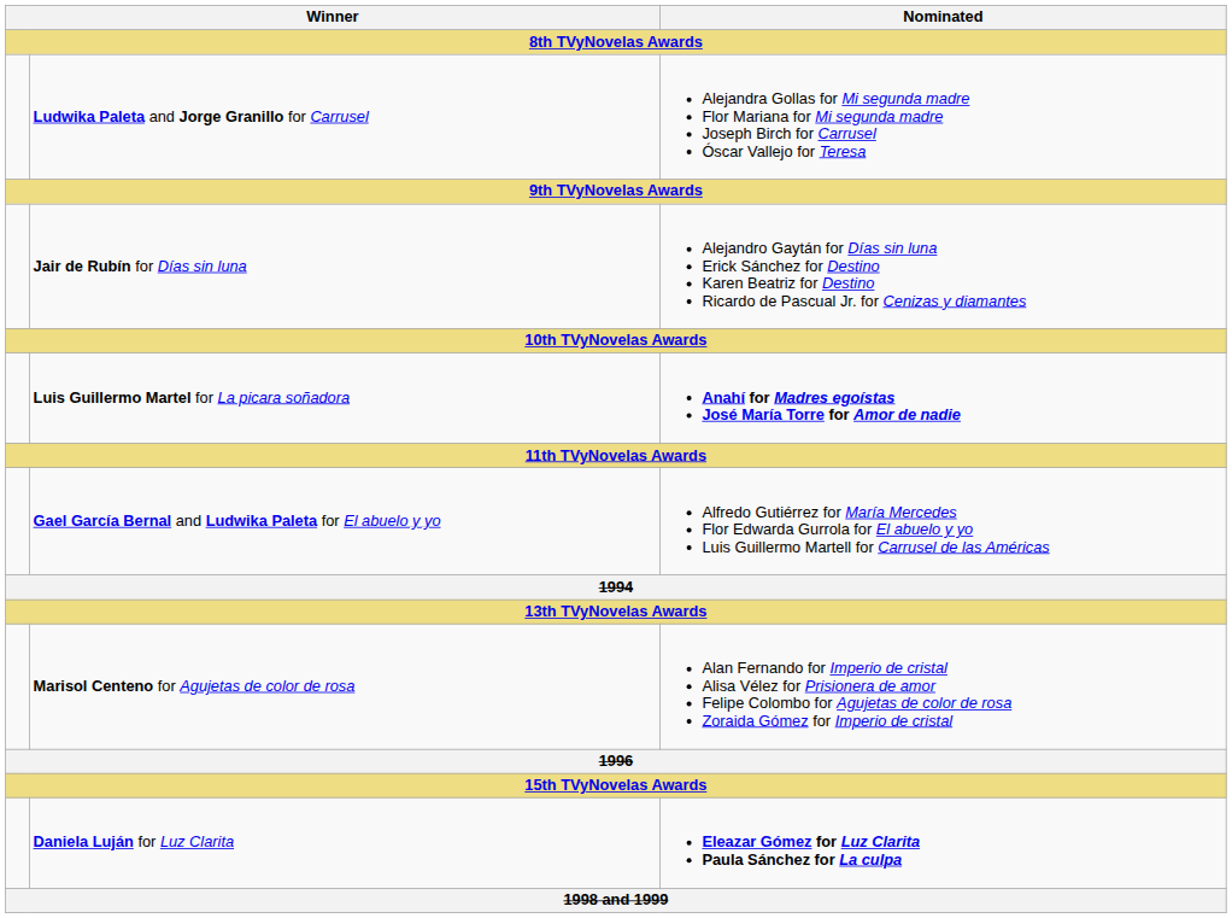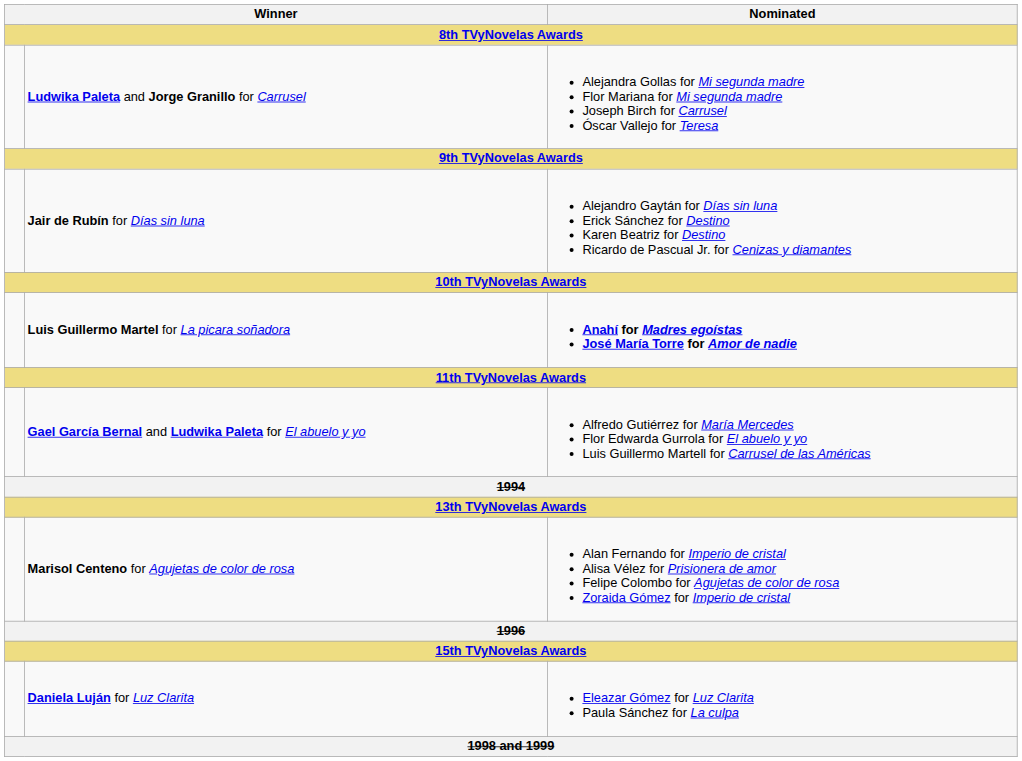 <table class="wikitable" width="80%">
 <tr align="center">
 <th width="150px;" colspan="2;" align="center">Winner</th>
 <th width="580px;" align="center">Nominated</th>
 </tr>
 <tr>
 <th colspan="9" style="background:#EEDD82;" align="center"><strong><a href='#'>8th TVyNovelas Awards</a></strong></th>
 </tr>
 <tr>
 <td width=2%></td>
 <td><strong><a href='#'>Ludwika Paleta</a></strong> and <strong>Jorge Granillo</strong> for <em><a href='#'>Carrusel</a></em></td>
 <td><br><ul><li>Alejandra Gollas for <em><a href='#'>Mi segunda madre</a></em></li><li>Flor Mariana for <em><a href='#'>Mi segunda madre</a></em></li><li>Joseph Birch for <em><a href='#'>Carrusel</a></em></li><li>Óscar Vallejo for <em><a href='#'>Teresa</a></em></li></ul></td>
 </tr>
 <tr>
 <th colspan="9" style="background:#EEDD82;" align="center"><strong><a href='#'>9th TVyNovelas Awards</a></strong></th>
 </tr>
 <tr>
 <td width=2%></td>
 <td><strong>Jair de Rubín</strong> for <em><a href='#'>Días sin luna</a></em></td>
 <td><br><ul><li>Alejandro Gaytán for <em><a href='#'>Días sin luna</a></em></li><li>Erick Sánchez for <em><a href='#'>Destino</a></em></li><li>Karen Beatriz for <em><a href='#'>Destino</a></em></li><li>Ricardo de Pascual Jr. for <em><a href='#'>Cenizas y diamantes</a></em></li></ul></td>
 </tr>
 <tr>
 <th colspan="9" style="background:#EEDD82;" align="center"><strong><a href='#'>10th TVyNovelas Awards</a></strong></th>
 </tr>
 <tr>
 <td width=2%></td>
 <td><strong>Luis Guillermo Martel</strong> for <em><a href='#'>La picara soñadora</a></em></td>
 <td><strong><br><ul><li><a href='#'>Anahí</a> for <em><a href='#'>Madres egoístas</a></em></li><li><a href='#'>José María Torre</a> for <em><a href='#'>Amor de nadie</a></em></li></ul></strong></td>
 </tr>
 <tr>
 <th colspan="9" style="background:#EEDD82;" align="center"><strong><a href='#'>11th TVyNovelas Awards</a></strong></th>
 </tr>
 <tr>
 <td width=2%></td>
 <td><strong><a href='#'>Gael García Bernal</a></strong> and <strong><a href='#'>Ludwika Paleta</a></strong> for <em><a href='#'>El abuelo y yo</a></em></td>
 <td><br><ul><li>Alfredo Gutiérrez for <em><a href='#'>María Mercedes</a></em></li><li>Flor Edwarda Gurrola for <em><a href='#'>El abuelo y yo</a></em></li><li>Luis Guillermo Martell for <em><a href='#'>Carrusel de las Américas</a></em></li></ul></td>
 </tr>
 <tr>
 <th colspan="9" align="center"><s>1994</s></th>
 </tr>
 <tr>
 <th colspan="9" style="background:#EEDD82;" align="center"><strong><a href='#'>13th TVyNovelas Awards</a></strong></th>
 </tr>
 <tr>
 <td width=2%></td>
 <td><strong>Marisol Centeno</strong> for <em><a href='#'>Agujetas de color de rosa</a></em></td>
 <td><br><ul><li>Alan Fernando for <em><a href='#'>Imperio de cristal</a></em></li><li>Alisa Vélez for <em><a href='#'>Prisionera de amor</a></em></li><li>Felipe Colombo for <em><a href='#'>Agujetas de color de rosa</a></em></li><li><a href='#'>Zoraida Gómez</a> for <em><a href='#'>Imperio de cristal</a></em></li></ul></td>
 </tr>
 <tr>
 <th colspan="9" align="center"><s>1996</s></th>
 </tr>
 <tr>
 <th colspan="9" style="background:#EEDD82;" align="center"><strong><a href='#'>15th TVyNovelas Awards</a></strong></th>
 </tr>
 <tr>
 <td width=2%></td>
 <td><strong><a href='#'>Daniela Luján</a></strong> for <em><a href='#'>Luz Clarita</a></em></td>
-<td><strong><br><ul><li><a href='#'>Eleazar Gómez</a> for <em><a href='#'>Luz Clarita</a></em></li><li>Paula Sánchez for <em><a href='#'>La culpa</a></em></li></ul></strong></td>
+<td><br><ul><li><a href='#'>Eleazar Gómez</a> for <em><a href='#'>Luz Clarita</a></em></li><li>Paula Sánchez for <em><a href='#'>La culpa</a></em></li></ul></td>
 </tr>
 <tr>
 <th colspan="9" align="center"><s>1998 and 1999</s></th>
 </tr>
 </table>
